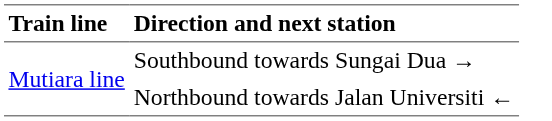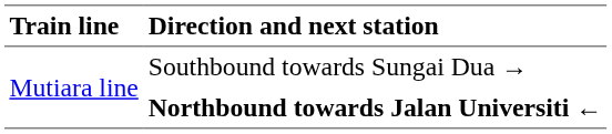 <table border="0" cellspacing="0" cellpadding="3">
 <tr>
 <td style="border-top:solid 1px gray;border-bottom:solid 1px gray;"><strong>Train line</strong></td>
 <td style="border-top:solid 1px gray;border-bottom:solid 1px gray;"><strong>Direction and next station</strong></td>
 </tr>
 <tr>
 <td rowspan="2" style="border-bottom:solid 1px grey;"> <a href='#'>Mutiara line</a></td>
 <td style="border-bottom:solid 1px white;">Southbound towards Sungai Dua  →</td>
 </tr>
 <tr>
-<td style="border-bottom:solid 1px gray;">Northbound towards Jalan Universiti  ←</td>
+<td style="border-bottom:solid 1px gray;"><strong>Northbound towards Jalan Universiti  ←</strong></td>
 </tr>
 </table>
